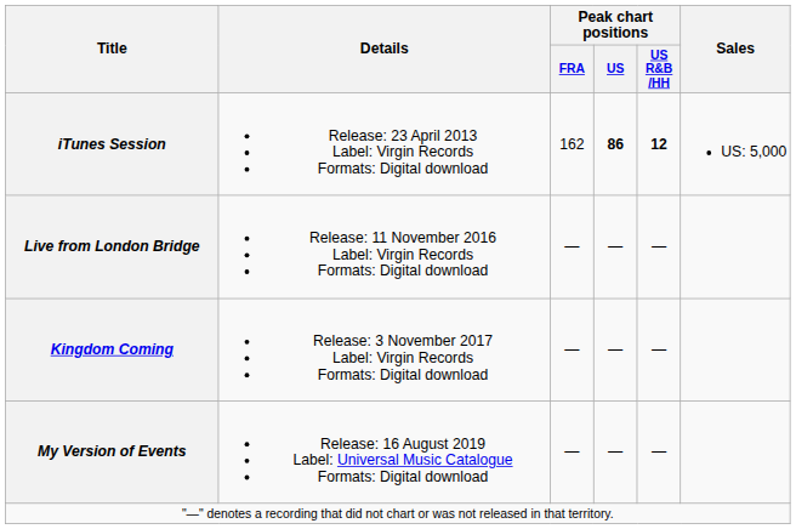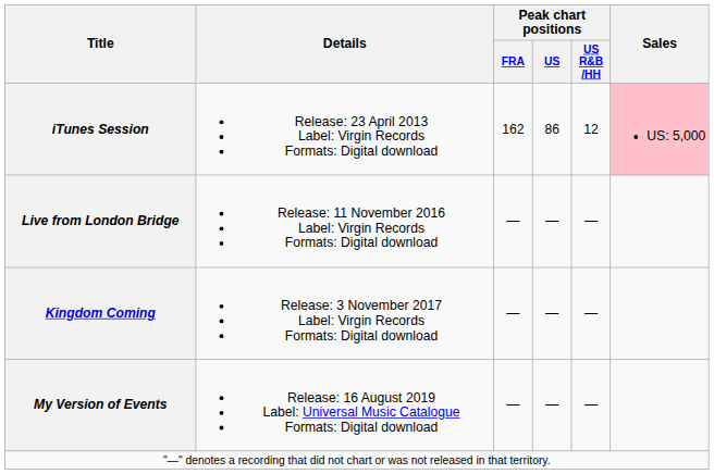 <table class="wikitable plainrowheaders" style="text-align:center;" border="1">
 <tr>
 <th scope="col" rowspan="2" style="width:14em;">Title</th>
 <th scope="col" rowspan="2" style="width:22em;">Details</th>
 <th scope="col" colspan="3">Peak chart<br>positions</th>
 <th scope="col" rowspan="2">Sales</th>
 </tr>
 <tr>
 <th scope="col" style="width:3em;font-size:85%;"><a href='#'>FRA</a><br></th>
 <th scope="col" style="width:3em;font-size:85%;"><a href='#'>US</a><br></th>
 <th scope="col" style="width:3em;font-size:85%;"><a href='#'>US R&B<br>/HH</a><br></th>
 </tr>
 <tr>
 <th scope="row"><em>iTunes Session</em></th>
 <td><br><ul><li>Release: 23 April 2013</li><li>Label: Virgin Records</li><li>Formats: Digital download</li></ul></td>
 <td>162</td>
-<td><strong>86</strong></td>
-<td><strong>12</strong></td>
-<td><br><ul><li>US: 5,000</li></ul></td>
+<td>86</td>
+<td>12</td>
+<td style="background: pink;"><br><ul><li>US: 5,000</li></ul></td>
 </tr>
 <tr>
 <th scope="row"><em>Live from London Bridge</em></th>
 <td><br><ul><li>Release: 11 November 2016</li><li>Label: Virgin Records</li><li>Formats: Digital download</li></ul></td>
 <td>—</td>
 <td>—</td>
 <td>—</td>
 <td></td>
 </tr>
 <tr>
 <th scope="row"><em><a href='#'>Kingdom Coming</a></em></th>
 <td><br><ul><li>Release: 3 November 2017</li><li>Label: Virgin Records</li><li>Formats: Digital download</li></ul></td>
 <td>—</td>
 <td>—</td>
 <td>—</td>
 <td></td>
 </tr>
 <tr>
 <th scope="row"><em>My Version of Events</em></th>
 <td><br><ul><li>Release: 16 August 2019</li><li>Label: <a href='#'>Universal Music Catalogue</a></li><li>Formats: Digital download</li></ul></td>
 <td>—</td>
 <td>—</td>
 <td>—</td>
 <td></td>
 </tr>
 <tr>
 <td colspan="20" style="font-size:85%">"—" denotes a recording that did not chart or was not released in that territory.</td>
 </tr>
 </table>
